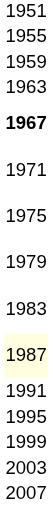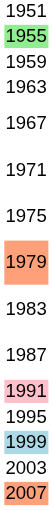 <table>
 <tr>
 <td>1951</td>
 <td></td>
 <td></td>
 <td></td>
 </tr>
 <tr>
-<td>1955</td>
+<td style="background: lightgreen;">1955</td>
 <td></td>
 <td></td>
 <td></td>
 </tr>
 <tr>
 <td>1959</td>
 <td></td>
 <td></td>
 <td></td>
 </tr>
 <tr>
 <td>1963</td>
 <td></td>
 <td></td>
 <td></td>
 </tr>
 <tr>
-<td><strong>1967</strong></td>
+<td>1967</td>
 <td></td>
 <td></td>
 <td><br><br></td>
 </tr>
 <tr>
 <td>1971</td>
 <td></td>
 <td></td>
 <td><br><br></td>
 </tr>
 <tr>
 <td>1975</td>
 <td></td>
 <td></td>
 <td><br><br></td>
 </tr>
 <tr>
-<td>1979</td>
+<td style="background: lightsalmon;">1979</td>
 <td></td>
 <td></td>
 <td><br><br></td>
 </tr>
 <tr>
 <td>1983</td>
 <td></td>
 <td></td>
 <td><br><br></td>
 </tr>
 <tr>
-<td style="background: lightyellow;">1987</td>
+<td>1987</td>
 <td></td>
 <td></td>
 <td><br><br></td>
 </tr>
 <tr>
-<td>1991</td>
+<td style="background: pink;">1991</td>
 <td></td>
 <td></td>
 <td><br></td>
 </tr>
 <tr>
 <td>1995</td>
 <td></td>
 <td></td>
 <td><br></td>
 </tr>
 <tr>
-<td>1999</td>
+<td style="background: lightblue;">1999</td>
 <td></td>
 <td></td>
 <td><br></td>
 </tr>
 <tr>
 <td>2003</td>
 <td></td>
 <td></td>
 <td><br></td>
 </tr>
 <tr>
-<td>2007</td>
+<td style="background: lightsalmon;">2007</td>
 <td></td>
 <td></td>
 <td><br></td>
 </tr>
 </table>
